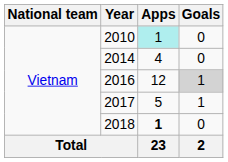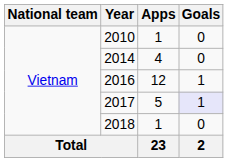 <table class="wikitable" style="text-align: center;">
 <tr>
 <th>National team</th>
 <th>Year</th>
 <th>Apps</th>
 <th>Goals</th>
 </tr>
 <tr>
 <td rowspan=5><a href='#'>Vietnam</a></td>
 <td>2010</td>
-<td style="background: paleturquoise;">1</td>
+<td>1</td>
 <td>0</td>
 </tr>
 <tr>
 <td>2014</td>
 <td>4</td>
 <td>0</td>
 </tr>
 <tr>
 <td>2016</td>
 <td>12</td>
-<td style="background: lightgrey;">1</td>
+<td>1</td>
 </tr>
 <tr>
 <td>2017</td>
 <td>5</td>
-<td>1</td>
+<td style="background: lavender;">1</td>
 </tr>
 <tr>
 <td>2018</td>
-<td><strong>1</strong></td>
+<td>1</td>
 <td>0</td>
 </tr>
 <tr>
 <th colspan=2>Total</th>
 <th>23</th>
 <th>2</th>
 </tr>
 </table>
